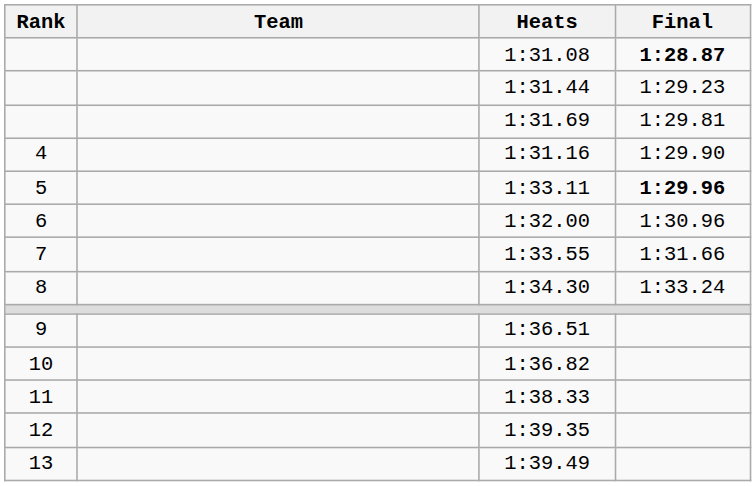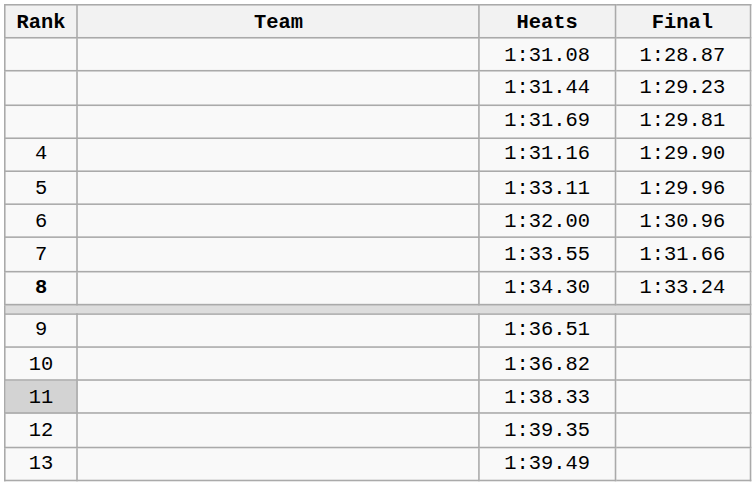 <table class=wikitable style="text-align:center">
 <tr>
 <th width=40>Rank</th>
 <th width=250>Team</th>
 <th width=80>Heats</th>
 <th width=80>Final</th>
 </tr>
 <tr>
 <td></td>
 <td align=left></td>
 <td>1:31.08</td>
-<td><strong>1:28.87</strong></td>
+<td>1:28.87</td>
 </tr>
 <tr>
 <td></td>
 <td align=left></td>
 <td>1:31.44</td>
 <td>1:29.23</td>
 </tr>
 <tr>
 <td></td>
 <td align=left></td>
 <td>1:31.69</td>
 <td>1:29.81</td>
 </tr>
 <tr>
 <td>4</td>
 <td align=left></td>
 <td>1:31.16</td>
 <td>1:29.90</td>
 </tr>
 <tr>
 <td>5</td>
 <td align=left></td>
 <td>1:33.11</td>
-<td><strong>1:29.96</strong></td>
+<td>1:29.96</td>
 </tr>
 <tr>
 <td>6</td>
 <td align=left></td>
 <td>1:32.00</td>
 <td>1:30.96</td>
 </tr>
 <tr>
 <td>7</td>
 <td align=left></td>
 <td>1:33.55</td>
 <td>1:31.66</td>
 </tr>
 <tr>
-<td>8</td>
+<td><strong>8</strong></td>
 <td align=left></td>
 <td>1:34.30</td>
 <td>1:33.24</td>
 </tr>
 <tr bgcolor=#DDDDDD>
 <td colspan=4></td>
 </tr>
 <tr>
 <td>9</td>
 <td align=left></td>
 <td>1:36.51</td>
 <td></td>
 </tr>
 <tr>
 <td>10</td>
 <td align=left></td>
 <td>1:36.82</td>
 <td></td>
 </tr>
 <tr>
-<td>11</td>
+<td style="background: lightgrey;">11</td>
 <td align=left></td>
 <td>1:38.33</td>
 <td></td>
 </tr>
 <tr>
 <td>12</td>
 <td align=left></td>
 <td>1:39.35</td>
 <td></td>
 </tr>
 <tr>
 <td>13</td>
 <td align=left></td>
 <td>1:39.49</td>
 <td></td>
 </tr>
 </table>
